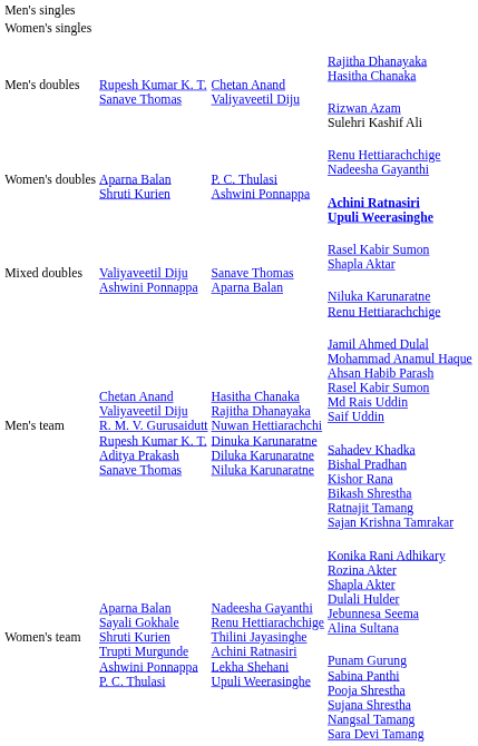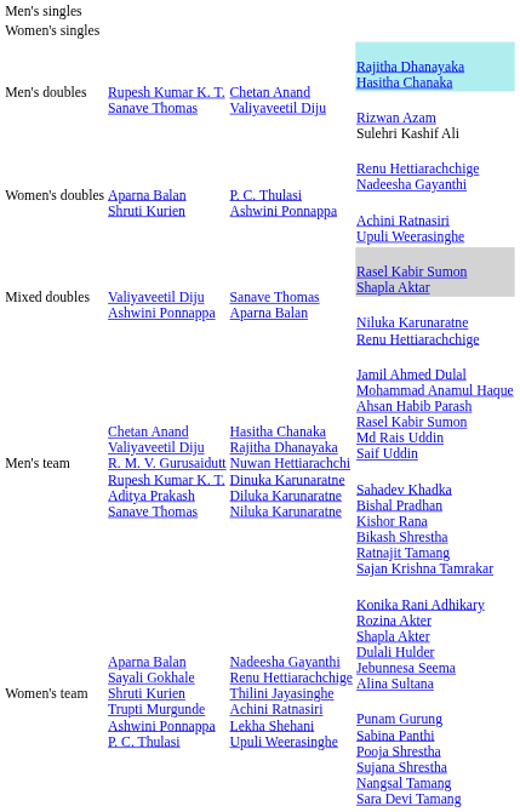 <table>
 <tr>
 <td rowspan=2>Men's singles</td>
 <td rowspan=2></td>
 <td rowspan=2></td>
 <td></td>
 </tr>
 <tr>
 <td></td>
 </tr>
 <tr>
 <td rowspan=2>Women's singles</td>
 <td rowspan=2></td>
 <td rowspan=2></td>
 <td></td>
 </tr>
 <tr>
 <td></td>
 </tr>
 <tr>
 <td rowspan=2>Men's doubles</td>
 <td rowspan=2><br><a href='#'>Rupesh Kumar K. T.</a><br><a href='#'>Sanave Thomas</a></td>
 <td rowspan=2><br><a href='#'>Chetan Anand</a><br><a href='#'>Valiyaveetil Diju</a></td>
-<td><br><a href='#'>Rajitha Dhanayaka</a><br><a href='#'>Hasitha Chanaka</a></td>
+<td style="background: paleturquoise;"><br><a href='#'>Rajitha Dhanayaka</a><br><a href='#'>Hasitha Chanaka</a></td>
 </tr>
 <tr>
 <td><br><a href='#'>Rizwan Azam</a><br>Sulehri Kashif Ali</td>
 </tr>
 <tr>
 <td rowspan=2>Women's doubles</td>
 <td rowspan=2><br><a href='#'>Aparna Balan</a><br><a href='#'>Shruti Kurien</a></td>
 <td rowspan=2><br><a href='#'>P. C. Thulasi</a><br><a href='#'>Ashwini Ponnappa</a></td>
 <td><br><a href='#'>Renu Hettiarachchige</a><br><a href='#'>Nadeesha Gayanthi</a></td>
 </tr>
 <tr>
-<td><strong><br><a href='#'>Achini Ratnasiri</a><br><a href='#'>Upuli Weerasinghe</a></strong></td>
+<td><br><a href='#'>Achini Ratnasiri</a><br><a href='#'>Upuli Weerasinghe</a></td>
 </tr>
 <tr>
 <td rowspan=2>Mixed doubles</td>
 <td rowspan=2><br><a href='#'>Valiyaveetil Diju</a><br><a href='#'>Ashwini Ponnappa</a></td>
 <td rowspan=2><br><a href='#'>Sanave Thomas</a><br><a href='#'>Aparna Balan</a></td>
-<td><br><a href='#'>Rasel Kabir Sumon</a><br><a href='#'>Shapla Aktar</a></td>
+<td style="background: lightgrey;"><br><a href='#'>Rasel Kabir Sumon</a><br><a href='#'>Shapla Aktar</a></td>
 </tr>
 <tr>
 <td><br><a href='#'>Niluka Karunaratne</a><br><a href='#'>Renu Hettiarachchige</a></td>
 </tr>
 <tr>
 <td rowspan=2>Men's team</td>
 <td rowspan=2><br><a href='#'>Chetan Anand</a><br><a href='#'>Valiyaveetil Diju</a><br><a href='#'>R. M. V. Gurusaidutt</a><br><a href='#'>Rupesh Kumar K. T.</a><br><a href='#'>Aditya Prakash</a><br><a href='#'>Sanave Thomas</a></td>
 <td rowspan=2><br><a href='#'>Hasitha Chanaka</a><br><a href='#'>Rajitha Dhanayaka</a><br><a href='#'>Nuwan Hettiarachchi</a><br><a href='#'>Dinuka Karunaratne</a><br><a href='#'>Diluka Karunaratne</a><br><a href='#'>Niluka Karunaratne</a></td>
 <td><br><a href='#'>Jamil Ahmed Dulal</a><br><a href='#'>Mohammad Anamul Haque</a><br><a href='#'>Ahsan Habib Parash</a><br><a href='#'>Rasel Kabir Sumon</a><br><a href='#'>Md Rais Uddin</a><br><a href='#'>Saif Uddin</a></td>
 </tr>
 <tr>
 <td><br><a href='#'>Sahadev Khadka</a><br><a href='#'>Bishal Pradhan</a><br><a href='#'>Kishor Rana</a><br><a href='#'>Bikash Shrestha</a><br><a href='#'>Ratnajit Tamang</a><br><a href='#'>Sajan Krishna Tamrakar</a></td>
 </tr>
 <tr>
 <td rowspan=2>Women's team</td>
 <td rowspan=2><br><a href='#'>Aparna Balan</a><br><a href='#'>Sayali Gokhale</a><br><a href='#'>Shruti Kurien</a><br><a href='#'>Trupti Murgunde</a><br><a href='#'>Ashwini Ponnappa</a><br><a href='#'>P. C. Thulasi</a></td>
 <td rowspan=2><br><a href='#'>Nadeesha Gayanthi</a><br><a href='#'>Renu Hettiarachchige</a><br><a href='#'>Thilini Jayasinghe</a><br><a href='#'>Achini Ratnasiri</a><br><a href='#'>Lekha Shehani</a><br><a href='#'>Upuli Weerasinghe</a></td>
 <td><br><a href='#'>Konika Rani Adhikary</a><br><a href='#'>Rozina Akter</a><br><a href='#'>Shapla Akter</a><br><a href='#'>Dulali Hulder</a><br><a href='#'>Jebunnesa Seema</a><br><a href='#'>Alina Sultana</a></td>
 </tr>
 <tr>
 <td><br><a href='#'>Punam Gurung</a><br><a href='#'>Sabina Panthi</a><br><a href='#'>Pooja Shrestha</a><br><a href='#'>Sujana Shrestha</a><br><a href='#'>Nangsal Tamang</a><br><a href='#'>Sara Devi Tamang</a></td>
 </tr>
 </table>
